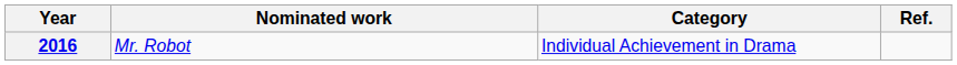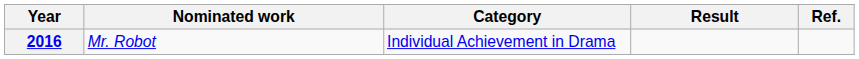 <table class="wikitable">
 <tr>
 <th width=2%>Year</th>
 <th width=11%>Nominated work</th>
 <th width=8%>Category</th>
+<th width=6%>Result</th>
 <th width=1%>Ref.</th>
 </tr>
 <tr>
 <th scope=row><a href='#'>2016</a></th>
 <td><em><a href='#'>Mr. Robot</a></em></td>
 <td><a href='#'>Individual Achievement in Drama</a></td>
+<td></td>
 <td style="text-align:center;"></td>
 </tr>
 </table>
